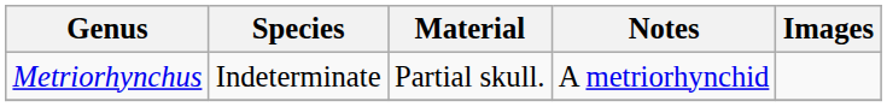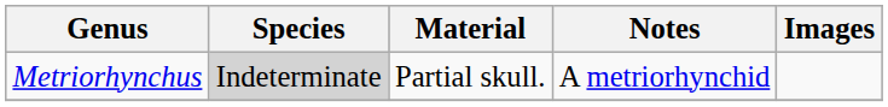 <table class="wikitable" align="center">
 <tr>
 <th>Genus</th>
 <th>Species</th>
 <th>Material</th>
 <th>Notes</th>
 <th>Images</th>
 </tr>
 <tr>
 <td><em><a href='#'>Metriorhynchus</a></em></td>
-<td>Indeterminate</td>
+<td style="background: lightgrey;">Indeterminate</td>
 <td>Partial skull.</td>
 <td>A <a href='#'>metriorhynchid</a></td>
 <td></td>
 </tr>
 <tr>
 </tr>
 </table>
